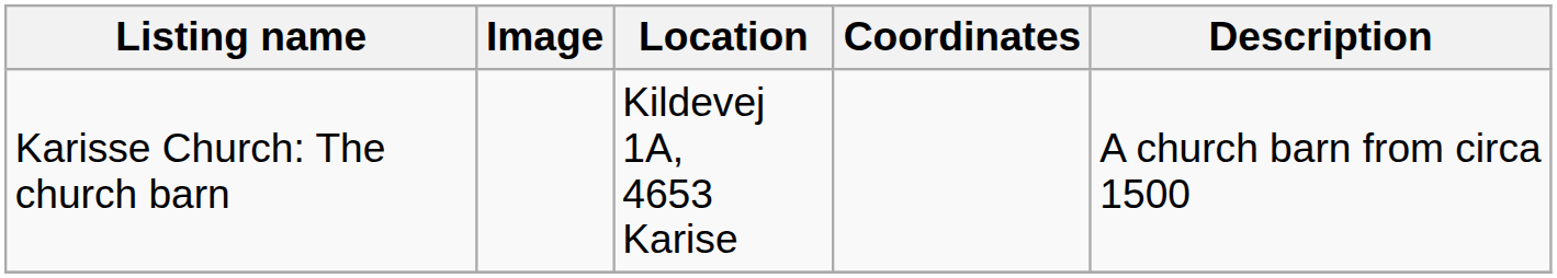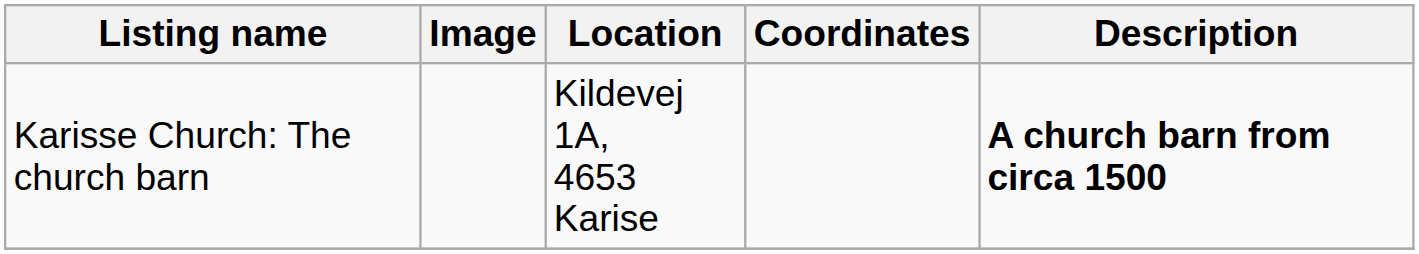 <table class="wikitable sortable">
 <tr>
 <th>Listing name</th>
 <th>Image</th>
 <th>Location</th>
 <th>Coordinates</th>
 <th>Description</th>
 </tr>
 <tr>
 <td>Karisse Church: The church barn</td>
 <td></td>
 <td>Kildevej 1A,<br> 4653 Karise</td>
 <td></td>
-<td>A church barn from circa 1500</td>
+<td><strong>A church barn from circa 1500</strong></td>
 </tr>
 <tr>
 </tr>
 </table>
